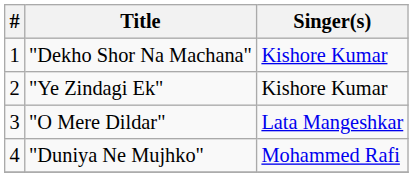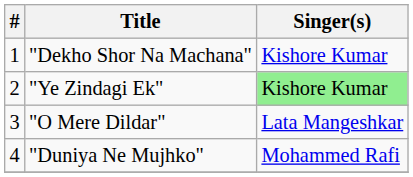 <table class="wikitable" style="font-size:95%;">
 <tr>
 <th>#</th>
 <th>Title</th>
 <th>Singer(s)</th>
 </tr>
 <tr>
 <td>1</td>
 <td>"Dekho Shor Na Machana"</td>
 <td><a href='#'>Kishore Kumar</a></td>
 </tr>
 <tr>
 <td>2</td>
 <td>"Ye Zindagi Ek"</td>
-<td>Kishore Kumar</td>
+<td style="background: lightgreen;">Kishore Kumar</td>
 </tr>
 <tr>
 <td>3</td>
 <td>"O Mere Dildar"</td>
 <td><a href='#'>Lata Mangeshkar</a></td>
 </tr>
 <tr>
 <td>4</td>
 <td>"Duniya Ne Mujhko"</td>
 <td><a href='#'>Mohammed Rafi</a></td>
 </tr>
 <tr>
 </tr>
 </table>
